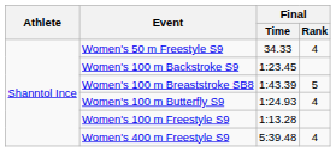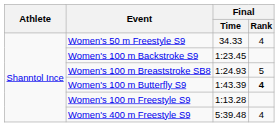 <table class=wikitable style="font-size:90%">
 <tr>
 <th rowspan="2">Athlete</th>
 <th rowspan="2">Event</th>
 <th colspan="2">Final</th>
 </tr>
 <tr style="font-size:95%">
 <th>Time</th>
 <th>Rank</th>
 </tr>
 <tr align=center>
 <td align=left rowspan="6"><a href='#'>Shanntol Ince</a></td>
 <td align=left><a href='#'>Women's 50 m Freestyle S9</a></td>
 <td>34.33</td>
 <td>4</td>
 </tr>
 <tr align=center>
 <td align=left><a href='#'>Women's 100 m Backstroke S9</a></td>
 <td>1:23.45</td>
 <td></td>
 </tr>
 <tr align=center>
 <td align=left><a href='#'>Women's 100 m Breaststroke SB8</a></td>
-<td>1:43.39</td>
+<td>1:24.93</td>
 <td>5</td>
 </tr>
 <tr align=center>
 <td align=left><a href='#'>Women's 100 m Butterfly S9</a></td>
-<td>1:24.93</td>
-<td>4</td>
+<td>1:43.39</td>
+<td><strong>4</strong></td>
 </tr>
 <tr align=center>
 <td align=left><a href='#'>Women's 100 m Freestyle S9</a></td>
 <td>1:13.28</td>
 <td></td>
 </tr>
 <tr align=center>
 <td align=left><a href='#'>Women's 400 m Freestyle S9</a></td>
 <td>5:39.48</td>
 <td>4</td>
 </tr>
 </table>
